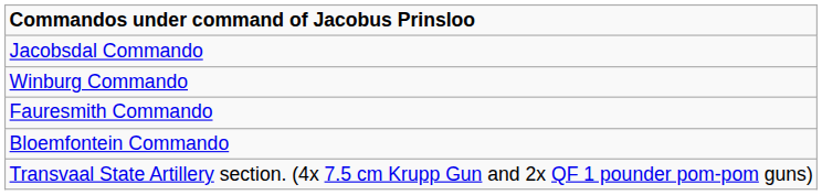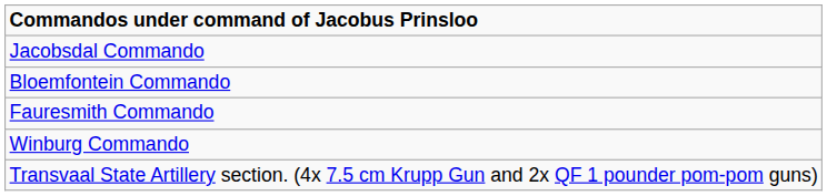 <table class="wikitable">
 <tr>
 <td><strong>Commandos under command of Jacobus Prinsloo</strong></td>
 </tr>
 <tr>
 <td><a href='#'>Jacobsdal Commando</a></td>
 </tr>
 <tr>
-<td><a href='#'>Winburg Commando</a></td>
+<td><a href='#'>Bloemfontein Commando</a></td>
 </tr>
 <tr>
 <td><a href='#'>Fauresmith Commando</a></td>
 </tr>
 <tr>
-<td><a href='#'>Bloemfontein Commando</a></td>
+<td><a href='#'>Winburg Commando</a></td>
 </tr>
 <tr>
 <td><a href='#'>Transvaal State Artillery</a> section. (4x <a href='#'>7.5 cm Krupp Gun</a> and 2x <a href='#'>QF 1 pounder pom-pom</a> guns)</td>
 </tr>
 </table>
